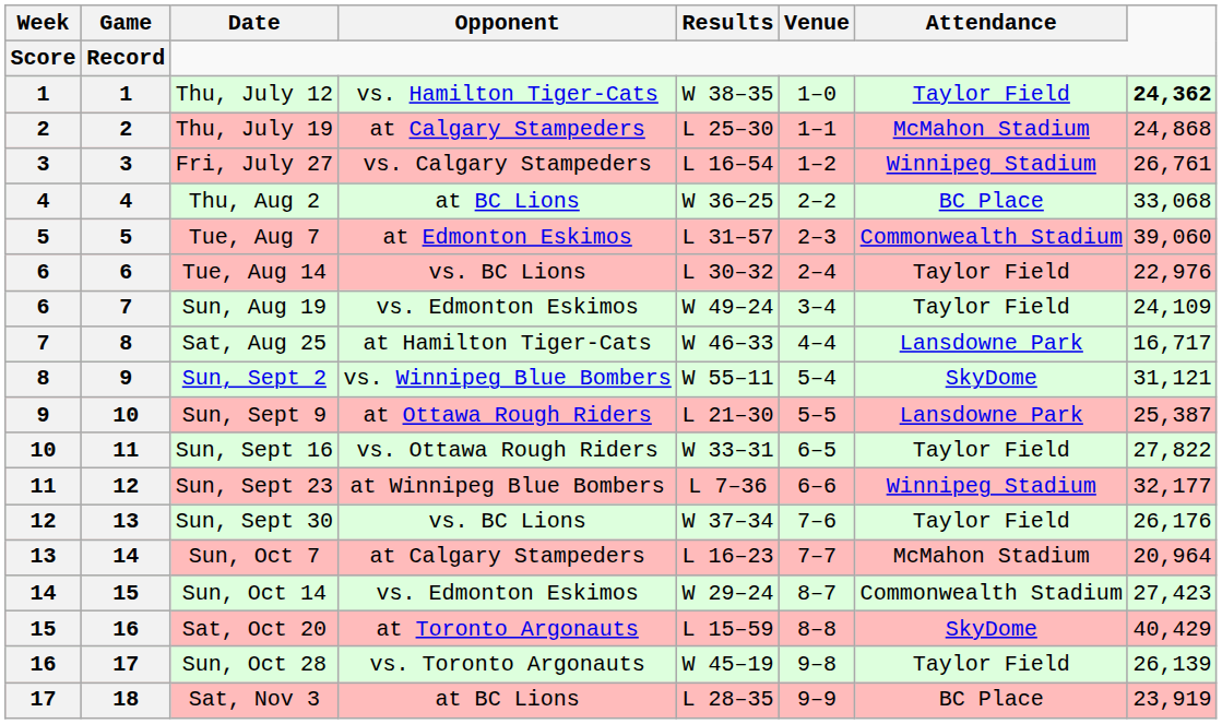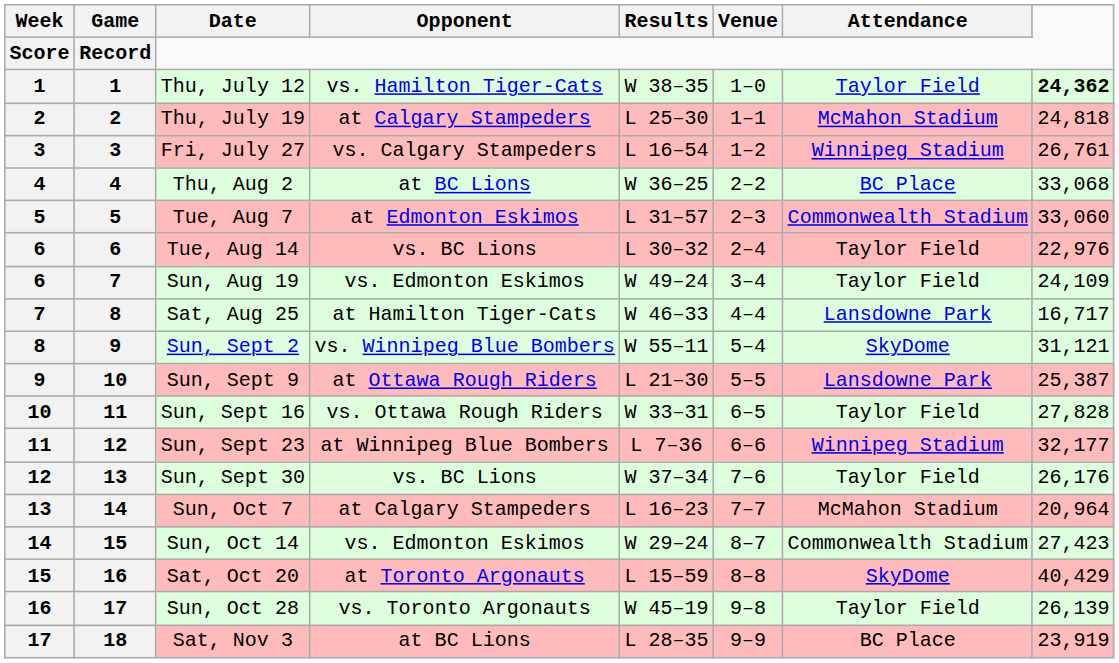 <table class="wikitable" style="text-align:center">
 <tr>
 <th>Week</th>
 <th>Game</th>
 <th>Date</th>
 <th>Opponent</th>
 <th>Results</th>
 <th>Venue</th>
 <th>Attendance</th>
 </tr>
 <tr>
 <th>Score</th>
 <th>Record</th>
 </tr>
 <tr style="background:#ddffdd">
 <th>1</th>
 <th>1</th>
 <td>Thu, July 12</td>
 <td>vs. <a href='#'>Hamilton Tiger-Cats</a></td>
 <td>W 38–35</td>
 <td>1–0</td>
 <td><a href='#'>Taylor Field</a></td>
 <td><strong>24,362</strong></td>
 </tr>
 <tr style="background:#ffbbbb">
 <th>2</th>
 <th>2</th>
 <td>Thu, July 19</td>
 <td>at <a href='#'>Calgary Stampeders</a></td>
 <td>L 25–30</td>
 <td>1–1</td>
 <td><a href='#'>McMahon Stadium</a></td>
-<td>24,868</td>
+<td>24,818</td>
 </tr>
 <tr style="background:#ffbbbb">
 <th>3</th>
 <th>3</th>
 <td>Fri, July 27</td>
 <td>vs. Calgary Stampeders</td>
 <td>L 16–54</td>
 <td>1–2</td>
 <td><a href='#'>Winnipeg Stadium</a></td>
 <td>26,761</td>
 </tr>
 <tr style="background:#ddffdd">
 <th>4</th>
 <th>4</th>
 <td>Thu, Aug 2</td>
 <td>at <a href='#'>BC Lions</a></td>
 <td>W 36–25</td>
 <td>2–2</td>
 <td><a href='#'>BC Place</a></td>
 <td>33,068</td>
 </tr>
 <tr style="background:#ffbbbb">
 <th>5</th>
 <th>5</th>
 <td>Tue, Aug 7</td>
 <td>at <a href='#'>Edmonton Eskimos</a></td>
 <td>L 31–57</td>
 <td>2–3</td>
 <td><a href='#'>Commonwealth Stadium</a></td>
-<td>39,060</td>
+<td>33,060</td>
 </tr>
 <tr style="background:#ffbbbb">
 <th>6</th>
 <th>6</th>
 <td>Tue, Aug 14</td>
 <td>vs. BC Lions</td>
 <td>L 30–32</td>
 <td>2–4</td>
 <td>Taylor Field</td>
 <td>22,976</td>
 </tr>
 <tr style="background:#ddffdd">
 <th>6</th>
 <th>7</th>
 <td>Sun, Aug 19</td>
 <td>vs. Edmonton Eskimos</td>
 <td>W 49–24</td>
 <td>3–4</td>
 <td>Taylor Field</td>
 <td>24,109</td>
 </tr>
 <tr style="background:#ddffdd">
 <th>7</th>
 <th>8</th>
 <td>Sat, Aug 25</td>
 <td>at Hamilton Tiger-Cats</td>
 <td>W 46–33</td>
 <td>4–4</td>
 <td><a href='#'>Lansdowne Park</a></td>
 <td>16,717</td>
 </tr>
 <tr style="background:#ddffdd">
 <th>8</th>
 <th>9</th>
 <td><a href='#'>Sun, Sept 2</a></td>
 <td>vs. <a href='#'>Winnipeg Blue Bombers</a></td>
 <td>W 55–11</td>
 <td>5–4</td>
 <td><a href='#'>SkyDome</a></td>
 <td>31,121</td>
 </tr>
 <tr style="background:#ffbbbb">
 <th>9</th>
 <th>10</th>
 <td>Sun, Sept 9</td>
 <td>at <a href='#'>Ottawa Rough Riders</a></td>
 <td>L 21–30</td>
 <td>5–5</td>
 <td><a href='#'>Lansdowne Park</a></td>
 <td>25,387</td>
 </tr>
 <tr style="background:#ddffdd">
 <th>10</th>
 <th>11</th>
 <td>Sun, Sept 16</td>
 <td>vs. Ottawa Rough Riders</td>
 <td>W 33–31</td>
 <td>6–5</td>
 <td>Taylor Field</td>
-<td>27,822</td>
+<td>27,828</td>
 </tr>
 <tr style="background:#ffbbbb">
 <th>11</th>
 <th>12</th>
 <td>Sun, Sept 23</td>
 <td>at Winnipeg Blue Bombers</td>
 <td>L 7–36</td>
 <td>6–6</td>
 <td><a href='#'>Winnipeg Stadium</a></td>
 <td>32,177</td>
 </tr>
 <tr style="background:#ddffdd">
 <th>12</th>
 <th>13</th>
 <td>Sun, Sept 30</td>
 <td>vs. BC Lions</td>
 <td>W 37–34</td>
 <td>7–6</td>
 <td>Taylor Field</td>
 <td>26,176</td>
 </tr>
 <tr style="background:#ffbbbb">
 <th>13</th>
 <th>14</th>
 <td>Sun, Oct 7</td>
 <td>at Calgary Stampeders</td>
 <td>L 16–23</td>
 <td>7–7</td>
 <td>McMahon Stadium</td>
 <td>20,964</td>
 </tr>
 <tr style="background:#ddffdd">
 <th>14</th>
 <th>15</th>
 <td>Sun, Oct 14</td>
 <td>vs. Edmonton Eskimos</td>
 <td>W 29–24</td>
 <td>8–7</td>
 <td>Commonwealth Stadium</td>
 <td>27,423</td>
 </tr>
 <tr style="background:#ffbbbb">
 <th>15</th>
 <th>16</th>
 <td>Sat, Oct 20</td>
 <td>at <a href='#'>Toronto Argonauts</a></td>
 <td>L 15–59</td>
 <td>8–8</td>
 <td><a href='#'>SkyDome</a></td>
 <td>40,429</td>
 </tr>
 <tr style="background:#ddffdd">
 <th>16</th>
 <th>17</th>
 <td>Sun, Oct 28</td>
 <td>vs. Toronto Argonauts</td>
 <td>W 45–19</td>
 <td>9–8</td>
 <td>Taylor Field</td>
 <td>26,139</td>
 </tr>
 <tr style="background:#ffbbbb">
 <th>17</th>
 <th>18</th>
 <td>Sat, Nov 3</td>
 <td>at BC Lions</td>
 <td>L 28–35</td>
 <td>9–9</td>
 <td>BC Place</td>
 <td>23,919</td>
 </tr>
 </table>
